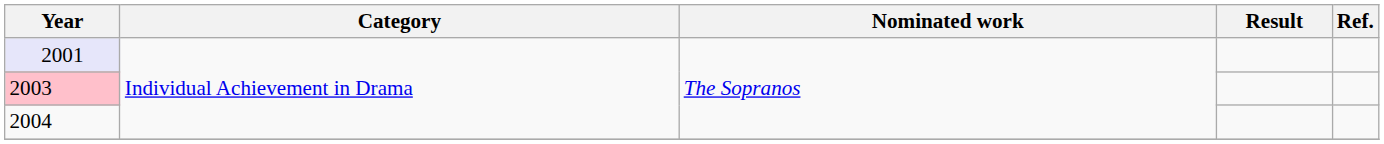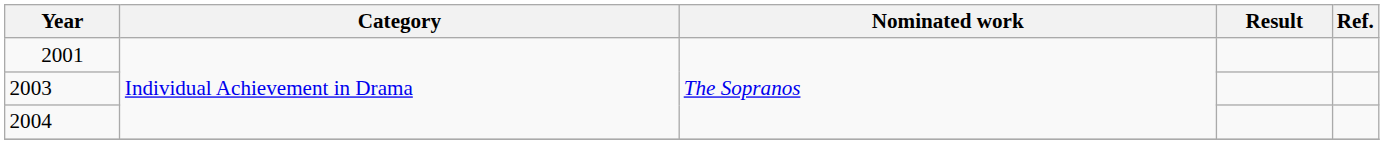 <table class=wikitable>
 <tr>
 <th scope="col" style="width:5em;">Year</th>
 <th scope="col" style="width:26em;">Category</th>
 <th scope="col" style="width:25em;">Nominated work</th>
 <th scope="col" style="width:5em;">Result</th>
 <th>Ref.</th>
 </tr>
 <tr>
-<td style="background: lavender; text-align:center;">2001</td>
+<td style="text-align:center;">2001</td>
 <td rowspan=3><a href='#'>Individual Achievement in Drama</a></td>
 <td rowspan=3><em><a href='#'>The Sopranos</a></em></td>
 <td></td>
 <td></td>
 </tr>
 <tr>
-<td style="background: pink;">2003</td>
+<td>2003</td>
 <td></td>
 <td></td>
 </tr>
 <tr>
 <td>2004</td>
 <td></td>
 <td></td>
 </tr>
 <tr>
 </tr>
 </table>
